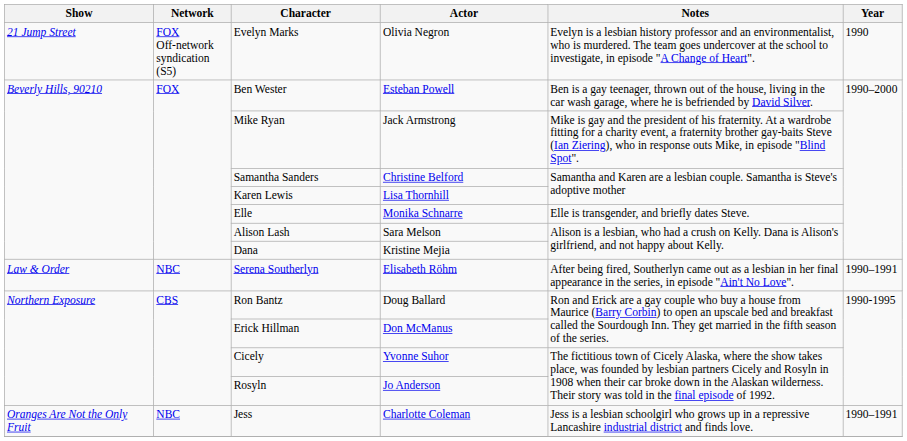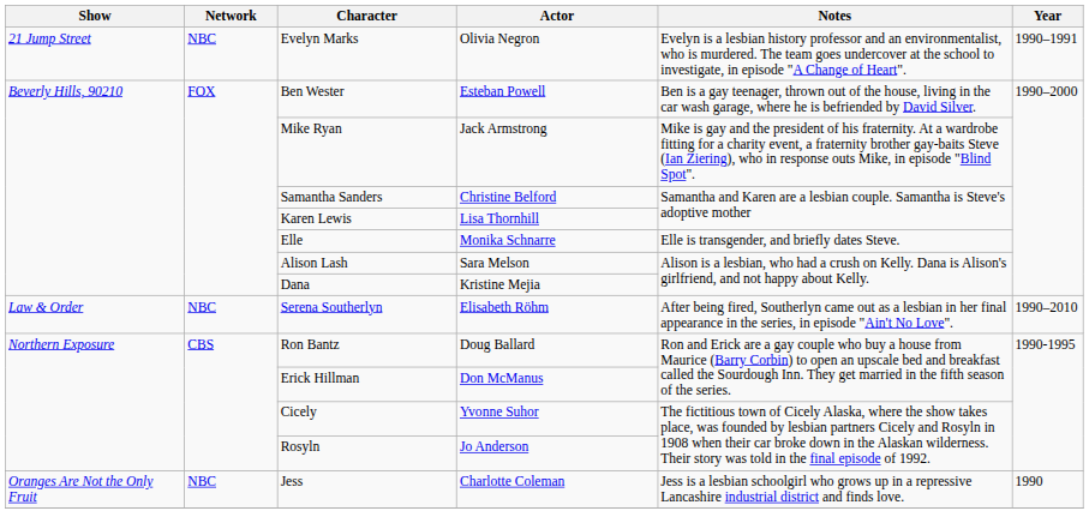 <table class="sortable wikitable" style="margins:auto; width=100%;">
 <tr>
 <th style="width:200px;">Show</th>
 <th style="width:100px;">Network</th>
 <th style="width:200px;">Character</th>
 <th style="width:225px;">Actor</th>
 <th>Notes</th>
 <th style="width:75px;">Year</th>
 </tr>
 <tr valign="top">
 <td><em><a href='#'>21 Jump Street</a></em></td>
-<td><a href='#'>FOX</a> <br> Off-network syndication (S5)</td>
+<td><a href='#'>NBC</a></td>
 <td>Evelyn Marks</td>
 <td>Olivia Negron</td>
 <td>Evelyn is a lesbian history professor and an environmentalist, who is murdered. The team goes undercover at the school to investigate, in episode "<a href='#'>A Change of Heart</a>".</td>
-<td>1990</td>
+<td>1990–1991</td>
 </tr>
 <tr valign="top">
 <td rowspan="7"><em><a href='#'>Beverly Hills, 90210</a></em></td>
 <td rowspan="7"><a href='#'>FOX</a></td>
 <td>Ben Wester</td>
 <td><a href='#'>Esteban Powell</a></td>
 <td>Ben is a gay teenager, thrown out of the house, living in the car wash garage, where he is befriended by <a href='#'>David Silver</a>.</td>
 <td rowspan="7">1990–2000</td>
 </tr>
 <tr valign="top">
 <td>Mike Ryan</td>
 <td>Jack Armstrong</td>
 <td>Mike is gay and the president of his fraternity. At a wardrobe fitting for a charity event, a fraternity brother gay-baits Steve (<a href='#'>Ian Ziering</a>), who in response outs Mike, in episode "<a href='#'>Blind Spot</a>".</td>
 </tr>
 <tr valign="top">
 <td>Samantha Sanders</td>
 <td><a href='#'>Christine Belford</a></td>
 <td rowspan="2">Samantha and Karen are a lesbian couple. Samantha is Steve's adoptive mother</td>
 </tr>
 <tr valign="top">
 <td>Karen Lewis</td>
 <td><a href='#'>Lisa Thornhill</a></td>
 </tr>
 <tr valign="top">
 <td>Elle</td>
 <td><a href='#'>Monika Schnarre</a></td>
 <td>Elle is transgender, and briefly dates Steve.</td>
 </tr>
 <tr valign="top">
 <td>Alison Lash</td>
 <td>Sara Melson</td>
 <td rowspan="2">Alison is a lesbian, who had a crush on Kelly. Dana is Alison's girlfriend, and not happy about Kelly.</td>
 </tr>
 <tr valign="top">
 <td>Dana</td>
 <td>Kristine Mejia</td>
 </tr>
 <tr valign="top">
 <td><em><a href='#'>Law & Order</a></em></td>
 <td><a href='#'>NBC</a></td>
 <td><a href='#'>Serena Southerlyn</a></td>
 <td><a href='#'>Elisabeth Röhm</a></td>
 <td>After being fired, Southerlyn came out as a lesbian in her final appearance in the series, in episode "<a href='#'>Ain't No Love</a>".</td>
-<td>1990–1991</td>
+<td>1990–2010</td>
 </tr>
 <tr valign="top">
 <td rowspan="4"><em><a href='#'>Northern Exposure</a></em></td>
 <td rowspan="4"><a href='#'>CBS</a></td>
 <td>Ron Bantz</td>
 <td>Doug Ballard</td>
 <td rowspan="2">Ron and Erick are a gay couple who buy a house from Maurice (<a href='#'>Barry Corbin</a>) to open an upscale bed and breakfast called the Sourdough Inn. They get married in the fifth season of the series.</td>
 <td rowspan="4">1990-1995</td>
 </tr>
 <tr valign="top">
 <td>Erick Hillman</td>
 <td><a href='#'>Don McManus</a></td>
 </tr>
 <tr valign="top">
 <td>Cicely</td>
 <td><a href='#'>Yvonne Suhor</a></td>
 <td rowspan="2">The fictitious town of Cicely Alaska, where the show takes place, was founded by lesbian partners Cicely and Rosyln in 1908 when their car broke down in the Alaskan wilderness. Their story was told in the <a href='#'>final episode</a> of 1992.</td>
 </tr>
 <tr valign="top">
 <td>Rosyln</td>
 <td><a href='#'>Jo Anderson</a></td>
 </tr>
 <tr valign="top">
 <td><em><a href='#'>Oranges Are Not the Only Fruit</a></em></td>
 <td><a href='#'>NBC</a></td>
 <td>Jess</td>
 <td><a href='#'>Charlotte Coleman</a></td>
 <td>Jess is a lesbian schoolgirl who grows up in a repressive Lancashire <a href='#'>industrial district</a> and finds love.</td>
-<td>1990–1991</td>
+<td>1990</td>
 </tr>
 <tr valign="top">
 </tr>
 </table>
